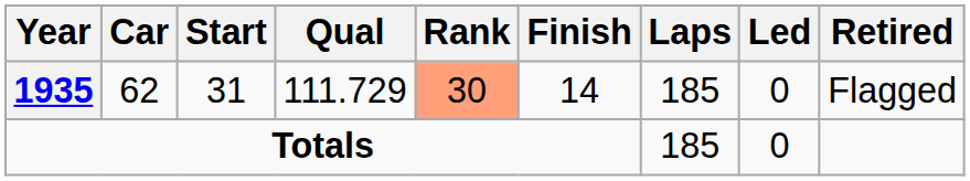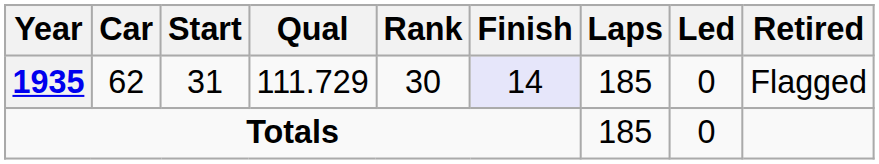 <table class="wikitable" style="text-align:center">
 <tr>
 <th>Year</th>
 <th>Car</th>
 <th>Start</th>
 <th>Qual</th>
 <th>Rank</th>
 <th>Finish</th>
 <th>Laps</th>
 <th>Led</th>
 <th>Retired</th>
 </tr>
 <tr>
 <th><a href='#'>1935</a></th>
 <td>62</td>
 <td>31</td>
 <td>111.729</td>
-<td style="background: lightsalmon;">30</td>
-<td>14</td>
+<td>30</td>
+<td style="background: lavender;">14</td>
 <td>185</td>
 <td>0</td>
 <td>Flagged</td>
 </tr>
 <tr>
 <td colspan=6><strong>Totals</strong></td>
 <td>185</td>
 <td>0</td>
 <td></td>
 </tr>
 </table>
